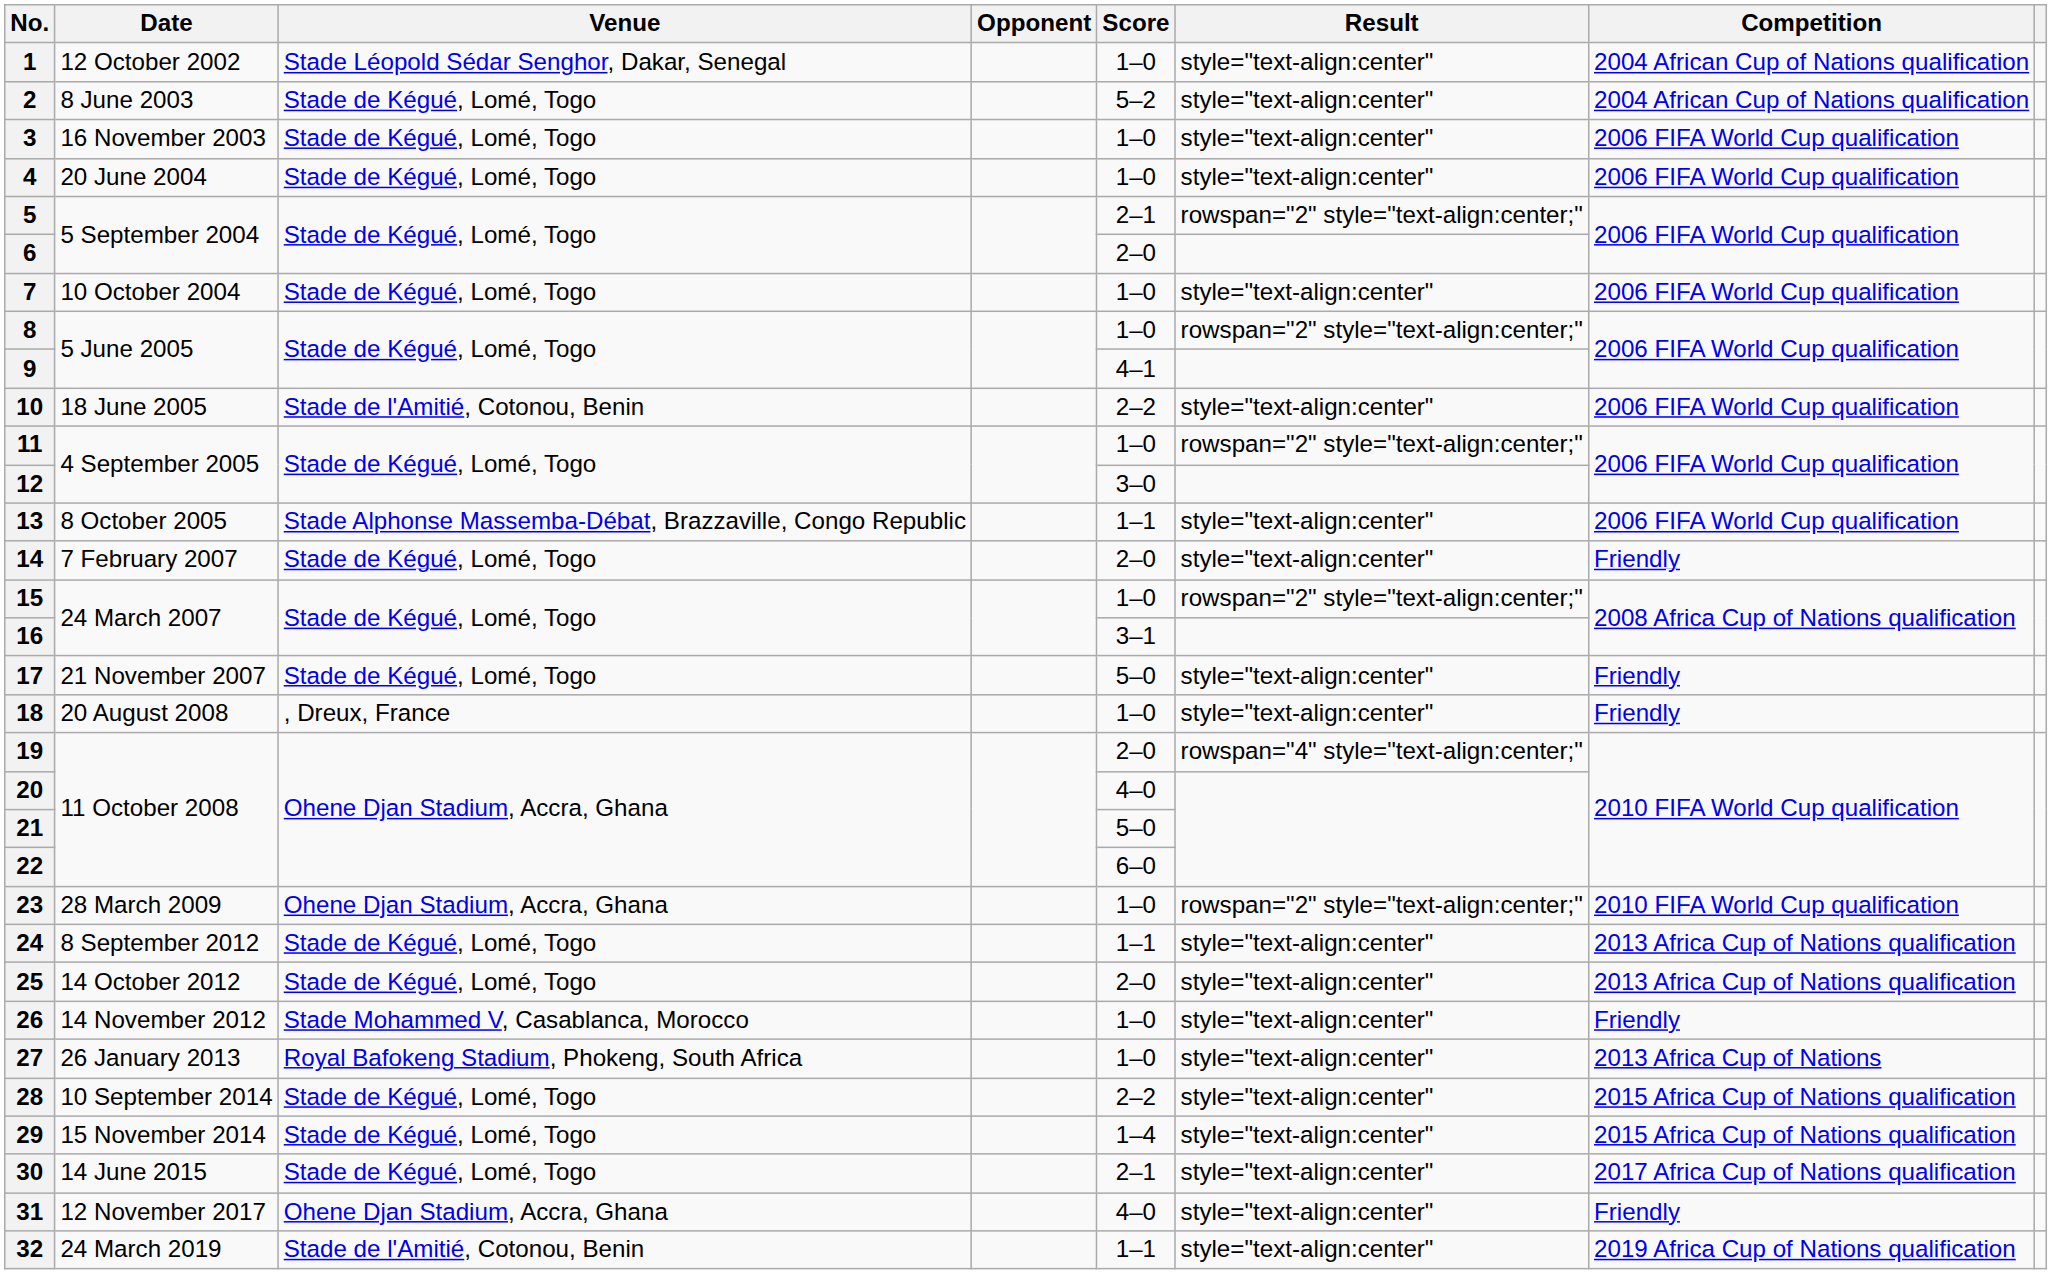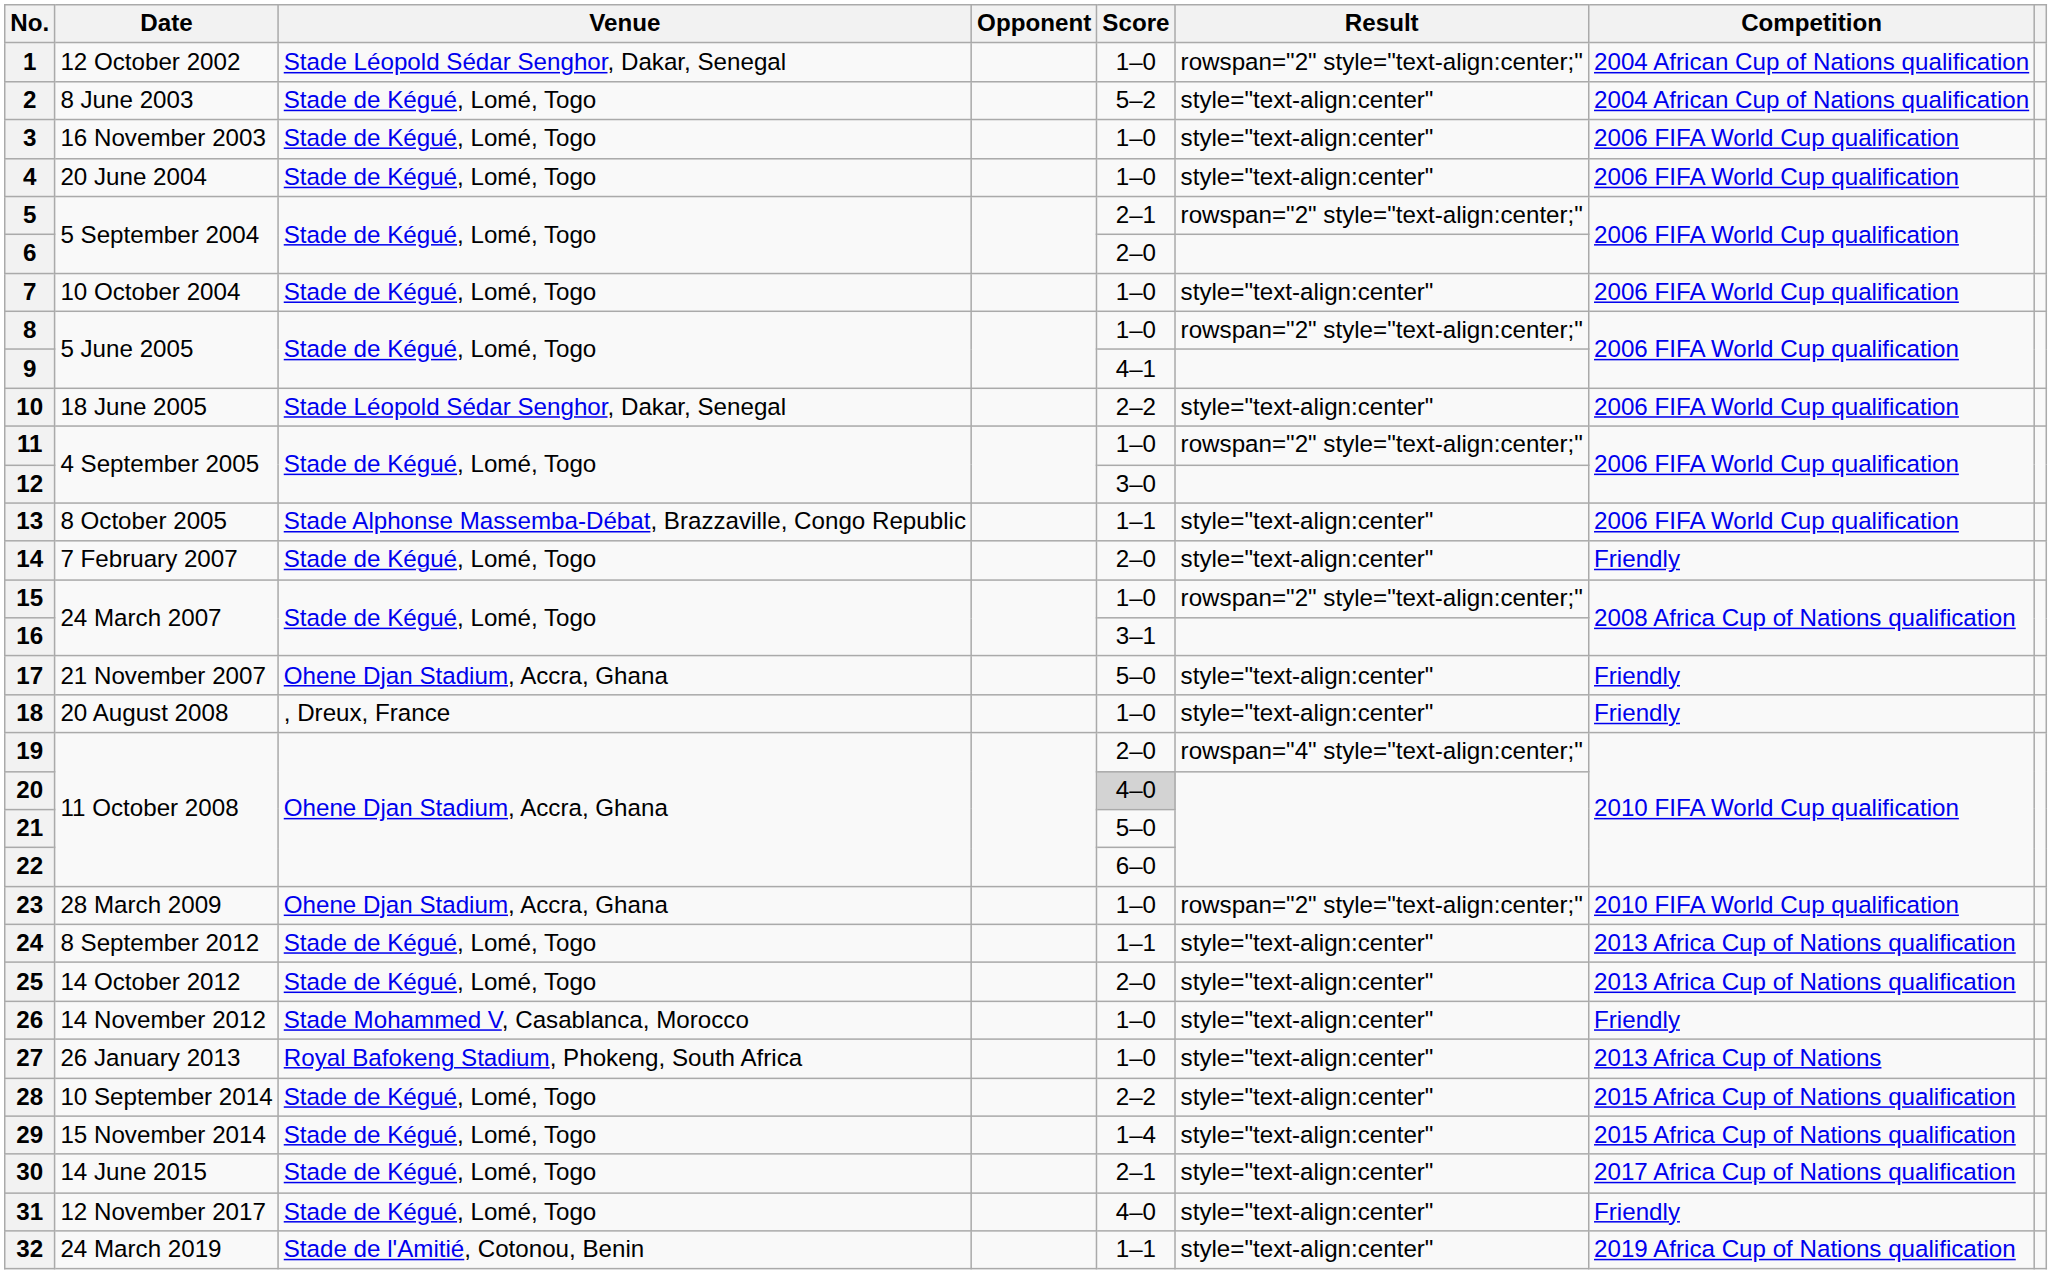 <table class="wikitable sortable">
 <tr>
 <th scope="col">No.</th>
 <th scope="col">Date</th>
 <th scope="col">Venue</th>
 <th scope="col">Opponent</th>
 <th scope="col">Score</th>
 <th scope="col">Result</th>
 <th scope="col">Competition</th>
 <th scope="col" class="unsortable"></th>
 </tr>
 <tr>
 <th scope="row">1</th>
 <td>12 October 2002</td>
 <td><a href='#'>Stade Léopold Sédar Senghor</a>, Dakar, Senegal</td>
 <td></td>
 <td style="text-align:center">1–0</td>
-<td>style="text-align:center" </td>
+<td>rowspan="2" style="text-align:center;" </td>
 <td><a href='#'>2004 African Cup of Nations qualification</a></td>
 <td style="text-align:center"></td>
 </tr>
 <tr>
 <th scope="row">2</th>
 <td>8 June 2003</td>
 <td><a href='#'>Stade de Kégué</a>, Lomé, Togo</td>
 <td></td>
 <td style="text-align:center">5–2</td>
 <td>style="text-align:center" </td>
 <td><a href='#'>2004 African Cup of Nations qualification</a></td>
 <td style="text-align:center"></td>
 </tr>
 <tr>
 <th scope="row">3</th>
 <td>16 November 2003</td>
 <td><a href='#'>Stade de Kégué</a>, Lomé, Togo</td>
 <td></td>
 <td style="text-align:center">1–0</td>
 <td>style="text-align:center" </td>
 <td><a href='#'>2006 FIFA World Cup qualification</a></td>
 <td style="text-align:center"></td>
 </tr>
 <tr>
 <th scope="row">4</th>
 <td>20 June 2004</td>
 <td><a href='#'>Stade de Kégué</a>, Lomé, Togo</td>
 <td></td>
 <td style="text-align:center">1–0</td>
 <td>style="text-align:center" </td>
 <td><a href='#'>2006 FIFA World Cup qualification</a></td>
 <td style="text-align:center"></td>
 </tr>
 <tr>
 <th scope="row">5</th>
 <td rowspan="2">5 September 2004</td>
 <td rowspan="2"><a href='#'>Stade de Kégué</a>, Lomé, Togo</td>
 <td rowspan="2"></td>
 <td style="text-align:center">2–1</td>
 <td>rowspan="2" style="text-align:center;" </td>
 <td rowspan="2"><a href='#'>2006 FIFA World Cup qualification</a></td>
 <td rowspan="2" style="text-align:center"></td>
 </tr>
 <tr>
 <th scope="row">6</th>
 <td style="text-align:center">2–0</td>
 </tr>
 <tr>
 <th scope="row">7</th>
 <td>10 October 2004</td>
 <td><a href='#'>Stade de Kégué</a>, Lomé, Togo</td>
 <td></td>
 <td style="text-align:center">1–0</td>
 <td>style="text-align:center" </td>
 <td><a href='#'>2006 FIFA World Cup qualification</a></td>
 <td style="text-align:center"></td>
 </tr>
 <tr>
 <th scope="row">8</th>
 <td rowspan="2">5 June 2005</td>
 <td rowspan="2"><a href='#'>Stade de Kégué</a>, Lomé, Togo</td>
 <td rowspan="2"></td>
 <td style="text-align:center">1–0</td>
 <td>rowspan="2" style="text-align:center;" </td>
 <td rowspan="2"><a href='#'>2006 FIFA World Cup qualification</a></td>
 <td rowspan="2" style="text-align:center"></td>
 </tr>
 <tr>
 <th scope="row">9</th>
 <td style="text-align:center">4–1</td>
 </tr>
 <tr>
 <th scope="row">10</th>
 <td>18 June 2005</td>
-<td><a href='#'>Stade de l'Amitié</a>, Cotonou, Benin</td>
+<td><a href='#'>Stade Léopold Sédar Senghor</a>, Dakar, Senegal</td>
 <td></td>
 <td style="text-align:center">2–2</td>
 <td>style="text-align:center" </td>
 <td><a href='#'>2006 FIFA World Cup qualification</a></td>
 <td style="text-align:center"></td>
 </tr>
 <tr>
 <th scope="row">11</th>
 <td rowspan="2">4 September 2005</td>
 <td rowspan="2"><a href='#'>Stade de Kégué</a>, Lomé, Togo</td>
 <td rowspan="2"></td>
 <td style="text-align:center">1–0</td>
 <td>rowspan="2" style="text-align:center;" </td>
 <td rowspan="2"><a href='#'>2006 FIFA World Cup qualification</a></td>
 <td rowspan="2" style="text-align:center"></td>
 </tr>
 <tr>
 <th scope="row">12</th>
 <td style="text-align:center">3–0</td>
 </tr>
 <tr>
 <th scope="row">13</th>
 <td>8 October 2005</td>
 <td><a href='#'>Stade Alphonse Massemba-Débat</a>, Brazzaville, Congo Republic</td>
 <td></td>
 <td style="text-align:center">1–1</td>
 <td>style="text-align:center" </td>
 <td><a href='#'>2006 FIFA World Cup qualification</a></td>
 <td style="text-align:center"></td>
 </tr>
 <tr>
 <th scope="row">14</th>
 <td>7 February 2007</td>
 <td><a href='#'>Stade de Kégué</a>, Lomé, Togo</td>
 <td></td>
 <td style="text-align:center">2–0</td>
 <td>style="text-align:center" </td>
 <td><a href='#'>Friendly</a></td>
 <td style="text-align:center"></td>
 </tr>
 <tr>
 <th scope="row">15</th>
 <td rowspan="2">24 March 2007</td>
 <td rowspan="2"><a href='#'>Stade de Kégué</a>, Lomé, Togo</td>
 <td rowspan="2"></td>
 <td style="text-align:center">1–0</td>
 <td>rowspan="2" style="text-align:center;" </td>
 <td rowspan="2"><a href='#'>2008 Africa Cup of Nations qualification</a></td>
 <td rowspan="2" style="text-align:center"></td>
 </tr>
 <tr>
 <th scope="row">16</th>
 <td style="text-align:center">3–1</td>
 </tr>
 <tr>
 <th scope="row">17</th>
 <td>21 November 2007</td>
-<td><a href='#'>Stade de Kégué</a>, Lomé, Togo</td>
+<td><a href='#'>Ohene Djan Stadium</a>, Accra, Ghana</td>
 <td></td>
 <td style="text-align:center">5–0</td>
 <td>style="text-align:center" </td>
 <td><a href='#'>Friendly</a></td>
 <td style="text-align:center"></td>
 </tr>
 <tr>
 <th scope="row">18</th>
 <td>20 August 2008</td>
 <td>, Dreux, France</td>
 <td></td>
 <td style="text-align:center">1–0</td>
 <td>style="text-align:center" </td>
 <td><a href='#'>Friendly</a></td>
 <td style="text-align:center"></td>
 </tr>
 <tr>
 <th scope="row">19</th>
 <td rowspan="4">11 October 2008</td>
 <td rowspan="4"><a href='#'>Ohene Djan Stadium</a>, Accra, Ghana</td>
 <td rowspan="4"></td>
 <td style="text-align:center">2–0</td>
 <td>rowspan="4" style="text-align:center;" </td>
 <td rowspan="4"><a href='#'>2010 FIFA World Cup qualification</a></td>
 <td rowspan="4" style="text-align:center"></td>
 </tr>
 <tr>
 <th scope="row">20</th>
-<td style="text-align:center">4–0</td>
+<td style="background: lightgrey; text-align:center">4–0</td>
 </tr>
 <tr>
 <th scope="row">21</th>
 <td style="text-align:center">5–0</td>
 </tr>
 <tr>
 <th scope="row">22</th>
 <td style="text-align:center">6–0</td>
 </tr>
 <tr>
 <th scope="row">23</th>
 <td>28 March 2009</td>
 <td><a href='#'>Ohene Djan Stadium</a>, Accra, Ghana</td>
 <td></td>
 <td style="text-align:center">1–0</td>
 <td>rowspan="2" style="text-align:center;" </td>
 <td><a href='#'>2010 FIFA World Cup qualification</a></td>
 <td style="text-align:center"></td>
 </tr>
 <tr>
 <th scope="row">24</th>
 <td>8 September 2012</td>
 <td><a href='#'>Stade de Kégué</a>, Lomé, Togo</td>
 <td></td>
 <td style="text-align:center">1–1</td>
 <td>style="text-align:center" </td>
 <td><a href='#'>2013 Africa Cup of Nations qualification</a></td>
 <td style="text-align:center"></td>
 </tr>
 <tr>
 <th scope="row">25</th>
 <td>14 October 2012</td>
 <td><a href='#'>Stade de Kégué</a>, Lomé, Togo</td>
 <td></td>
 <td style="text-align:center">2–0</td>
 <td>style="text-align:center" </td>
 <td><a href='#'>2013 Africa Cup of Nations qualification</a></td>
 <td style="text-align:center"></td>
 </tr>
 <tr>
 <th scope="row">26</th>
 <td>14 November 2012</td>
 <td><a href='#'>Stade Mohammed V</a>, Casablanca, Morocco</td>
 <td></td>
 <td style="text-align:center">1–0</td>
 <td>style="text-align:center" </td>
 <td><a href='#'>Friendly</a></td>
 <td style="text-align:center"></td>
 </tr>
 <tr>
 <th scope="row">27</th>
 <td>26 January 2013</td>
 <td><a href='#'>Royal Bafokeng Stadium</a>, Phokeng, South Africa</td>
 <td></td>
 <td style="text-align:center">1–0</td>
 <td>style="text-align:center" </td>
 <td><a href='#'>2013 Africa Cup of Nations</a></td>
 <td style="text-align:center"></td>
 </tr>
 <tr>
 <th scope="row">28</th>
 <td>10 September 2014</td>
 <td><a href='#'>Stade de Kégué</a>, Lomé, Togo</td>
 <td></td>
 <td style="text-align:center">2–2</td>
 <td>style="text-align:center" </td>
 <td><a href='#'>2015 Africa Cup of Nations qualification</a></td>
 <td style="text-align:center"></td>
 </tr>
 <tr>
 <th scope="row">29</th>
 <td>15 November 2014</td>
 <td><a href='#'>Stade de Kégué</a>, Lomé, Togo</td>
 <td></td>
 <td style="text-align:center">1–4</td>
 <td>style="text-align:center" </td>
 <td><a href='#'>2015 Africa Cup of Nations qualification</a></td>
 <td style="text-align:center"></td>
 </tr>
 <tr>
 <th scope="row">30</th>
 <td>14 June 2015</td>
 <td><a href='#'>Stade de Kégué</a>, Lomé, Togo</td>
 <td></td>
 <td style="text-align:center">2–1</td>
 <td>style="text-align:center" </td>
 <td><a href='#'>2017 Africa Cup of Nations qualification</a></td>
 <td style="text-align:center"></td>
 </tr>
 <tr>
 <th scope="row">31</th>
 <td>12 November 2017</td>
-<td><a href='#'>Ohene Djan Stadium</a>, Accra, Ghana</td>
+<td><a href='#'>Stade de Kégué</a>, Lomé, Togo</td>
 <td></td>
 <td style="text-align:center">4–0</td>
 <td>style="text-align:center" </td>
 <td><a href='#'>Friendly</a></td>
 <td style="text-align:center"></td>
 </tr>
 <tr>
 <th scope="row">32</th>
 <td>24 March 2019</td>
 <td><a href='#'>Stade de l'Amitié</a>, Cotonou, Benin</td>
 <td></td>
 <td style="text-align:center">1–1</td>
 <td>style="text-align:center" </td>
 <td><a href='#'>2019 Africa Cup of Nations qualification</a></td>
 <td style="text-align:center"></td>
 </tr>
 </table>
